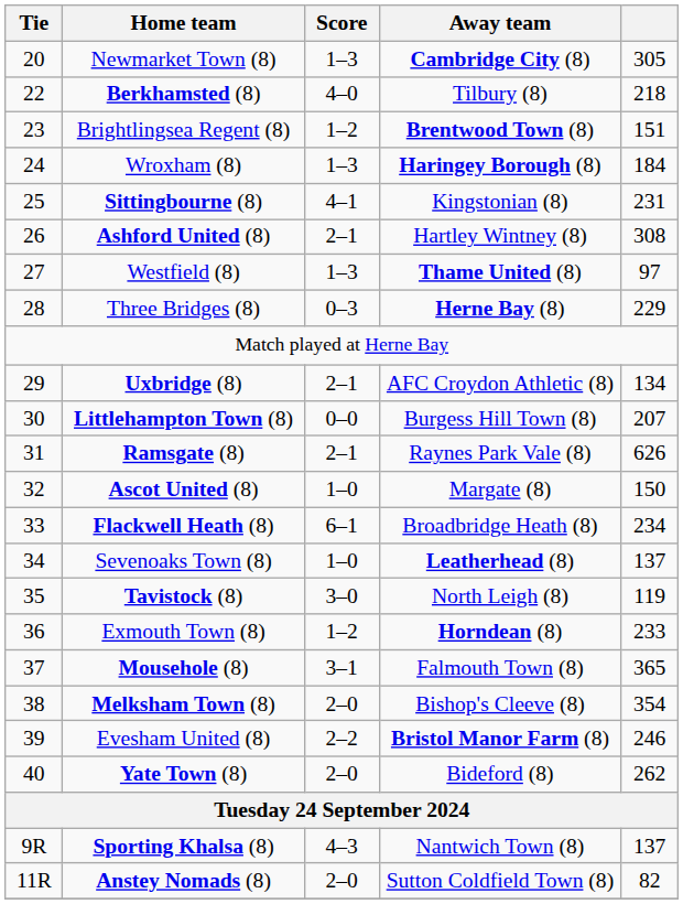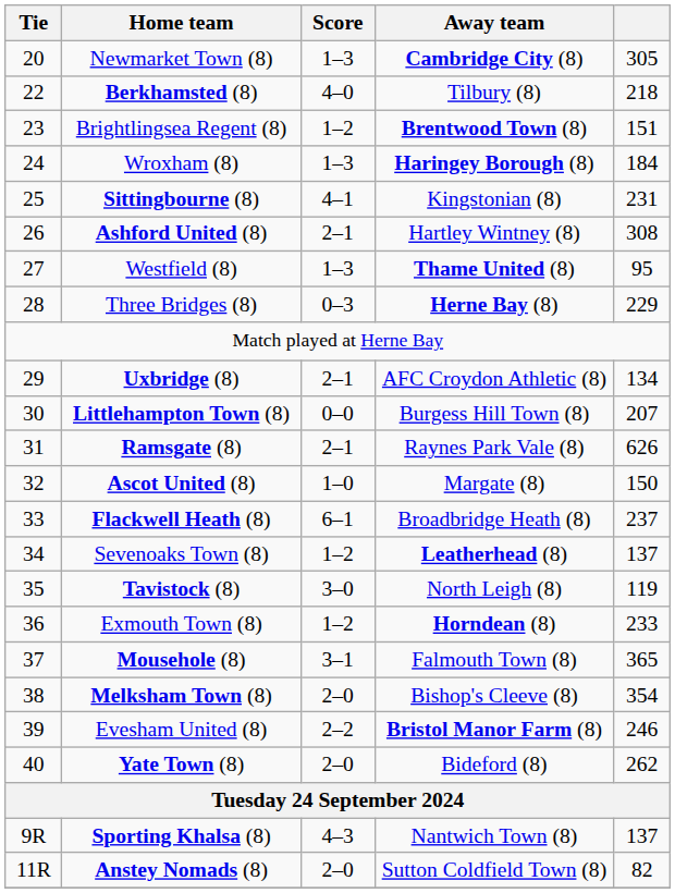 <table class="wikitable" style="text-align:center; font-size:90%">
 <tr>
 <th scope="col" style="width:  8.43%;">Tie</th>
 <th scope="col" style="width: 35.29%;">Home team</th>
 <th scope="col" style="width: 11.00%;">Score</th>
 <th scope="col" style="width: 35.29%;">Away team</th>
 <th scope="col" style="width:  8.43%;"></th>
 </tr>
 <tr>
 <td>20</td>
 <td><a href='#'>Newmarket Town</a> (8)</td>
 <td>1–3</td>
 <td><strong><a href='#'>Cambridge City</a></strong> (8)</td>
 <td>305</td>
 </tr>
 <tr>
 <td>22</td>
 <td><strong><a href='#'>Berkhamsted</a></strong> (8)</td>
 <td>4–0</td>
 <td><a href='#'>Tilbury</a> (8)</td>
 <td>218</td>
 </tr>
 <tr>
 <td>23</td>
 <td><a href='#'>Brightlingsea Regent</a> (8)</td>
 <td>1–2</td>
 <td><strong><a href='#'>Brentwood Town</a></strong> (8)</td>
 <td>151</td>
 </tr>
 <tr>
 <td>24</td>
 <td><a href='#'>Wroxham</a> (8)</td>
 <td>1–3</td>
 <td><strong><a href='#'>Haringey Borough</a></strong> (8)</td>
 <td>184</td>
 </tr>
 <tr>
 <td>25</td>
 <td><strong><a href='#'>Sittingbourne</a></strong> (8)</td>
 <td>4–1</td>
 <td><a href='#'>Kingstonian</a> (8)</td>
 <td>231</td>
 </tr>
 <tr>
 <td>26</td>
 <td><strong><a href='#'>Ashford United</a></strong> (8)</td>
 <td>2–1</td>
 <td><a href='#'>Hartley Wintney</a> (8)</td>
 <td>308</td>
 </tr>
 <tr>
 <td>27</td>
 <td><a href='#'>Westfield</a> (8)</td>
 <td>1–3</td>
 <td><strong><a href='#'>Thame United</a></strong> (8)</td>
-<td>97</td>
+<td>95</td>
 </tr>
 <tr>
 <td>28</td>
 <td><a href='#'>Three Bridges</a> (8)</td>
 <td>0–3</td>
 <td><strong><a href='#'>Herne Bay</a></strong> (8)</td>
 <td>229</td>
 </tr>
 <tr>
 <td colspan="5" style="height:20px; text-align:center; font-size:90%">Match played at <a href='#'>Herne Bay</a></td>
 </tr>
 <tr>
 <td>29</td>
 <td><strong><a href='#'>Uxbridge</a></strong> (8)</td>
 <td>2–1</td>
 <td><a href='#'>AFC Croydon Athletic</a> (8)</td>
 <td>134</td>
 </tr>
 <tr>
 <td>30</td>
 <td><strong><a href='#'>Littlehampton Town</a></strong> (8)</td>
 <td>0–0 </td>
 <td><a href='#'>Burgess Hill Town</a> (8)</td>
 <td>207</td>
 </tr>
 <tr>
 <td>31</td>
 <td><strong><a href='#'>Ramsgate</a></strong> (8)</td>
 <td>2–1</td>
 <td><a href='#'>Raynes Park Vale</a> (8)</td>
 <td>626</td>
 </tr>
 <tr>
 <td>32</td>
 <td><strong><a href='#'>Ascot United</a></strong> (8)</td>
 <td>1–0</td>
 <td><a href='#'>Margate</a> (8)</td>
 <td>150</td>
 </tr>
 <tr>
 <td>33</td>
 <td><strong><a href='#'>Flackwell Heath</a></strong> (8)</td>
 <td>6–1</td>
 <td><a href='#'>Broadbridge Heath</a> (8)</td>
-<td>234</td>
+<td>237</td>
 </tr>
 <tr>
 <td>34</td>
 <td><a href='#'>Sevenoaks Town</a> (8)</td>
-<td>1–0</td>
+<td>1–2</td>
 <td><strong><a href='#'>Leatherhead</a></strong> (8)</td>
 <td>137</td>
 </tr>
 <tr>
 <td>35</td>
 <td><strong><a href='#'>Tavistock</a></strong> (8)</td>
 <td>3–0</td>
 <td><a href='#'>North Leigh</a> (8)</td>
 <td>119</td>
 </tr>
 <tr>
 <td>36</td>
 <td><a href='#'>Exmouth Town</a> (8)</td>
 <td>1–2</td>
 <td><strong><a href='#'>Horndean</a></strong> (8)</td>
 <td>233</td>
 </tr>
 <tr>
 <td>37</td>
 <td><strong><a href='#'>Mousehole</a></strong> (8)</td>
 <td>3–1</td>
 <td><a href='#'>Falmouth Town</a> (8)</td>
 <td>365</td>
 </tr>
 <tr>
 <td>38</td>
 <td><strong><a href='#'>Melksham Town</a></strong> (8)</td>
 <td>2–0</td>
 <td><a href='#'>Bishop's Cleeve</a> (8)</td>
 <td>354</td>
 </tr>
 <tr>
 <td>39</td>
 <td><a href='#'>Evesham United</a> (8)</td>
 <td>2–2 </td>
 <td><strong><a href='#'>Bristol Manor Farm</a></strong> (8)</td>
 <td>246</td>
 </tr>
 <tr>
 <td>40</td>
 <td><strong><a href='#'>Yate Town</a></strong> (8)</td>
 <td>2–0</td>
 <td><a href='#'>Bideford</a> (8)</td>
 <td>262</td>
 </tr>
 <tr>
 <th colspan="5"><strong>Tuesday 24 September 2024</strong></th>
 </tr>
 <tr>
 <td>9R</td>
 <td><strong><a href='#'>Sporting Khalsa</a></strong> (8)</td>
 <td>4–3</td>
 <td><a href='#'>Nantwich Town</a> (8)</td>
 <td>137</td>
 </tr>
 <tr>
 <td>11R</td>
 <td><strong><a href='#'>Anstey Nomads</a></strong> (8)</td>
 <td>2–0</td>
 <td><a href='#'>Sutton Coldfield Town</a> (8)</td>
 <td>82</td>
 </tr>
 <tr>
 </tr>
 </table>
